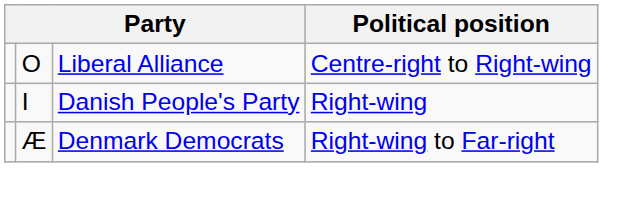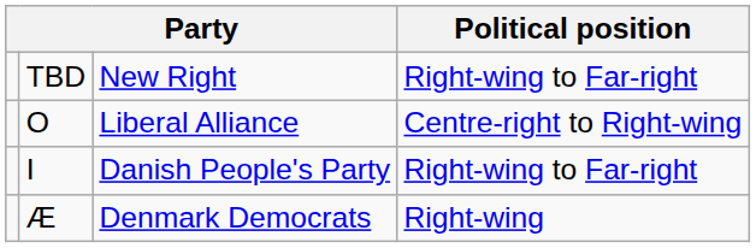 <table class="wikitable">
 <tr>
 <th colspan="3">Party</th>
 <th>Political position</th>
+</tr>
+<tr>
+<td></td>
+<td>TBD</td>
+<td><a href='#'>New Right</a></td>
+<td><a href='#'>Right-wing</a> to  <a href='#'>Far-right</a></td>
 </tr>
 <tr>
 <td></td>
 <td>O</td>
 <td><a href='#'>Liberal Alliance</a></td>
 <td><a href='#'>Centre-right</a> to <a href='#'>Right-wing</a></td>
 </tr>
 <tr>
 <td></td>
 <td>I</td>
 <td><a href='#'>Danish People's Party</a></td>
-<td><a href='#'>Right-wing</a></td>
+<td><a href='#'>Right-wing</a> to  <a href='#'>Far-right</a></td>
 </tr>
 <tr>
 <td></td>
 <td>Æ</td>
 <td><a href='#'>Denmark Democrats</a></td>
-<td><a href='#'>Right-wing</a> to  <a href='#'>Far-right</a></td>
+<td><a href='#'>Right-wing</a></td>
 </tr>
 </table>
